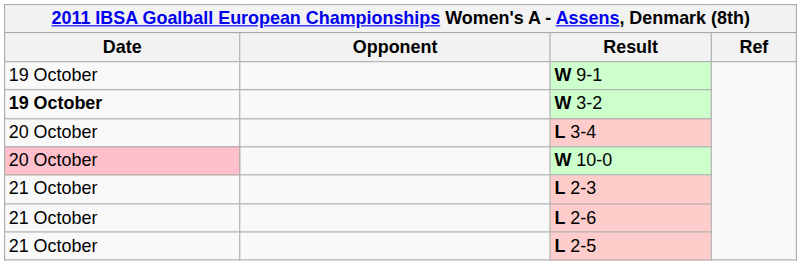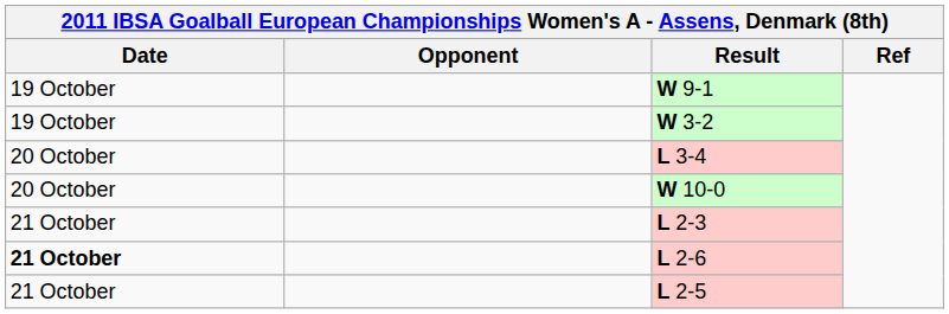 <table class="wikitable">
 <tr>
 <th width=700 colspan=4><a href='#'>2011 IBSA Goalball European Championships</a> Women's A - <a href='#'>Assens</a>, Denmark (8th)</th>
 </tr>
 <tr>
 <th width=150>Date</th>
 <th width=200>Opponent</th>
 <th width=100>Result</th>
 <th width=50>Ref</th>
 </tr>
 <tr>
 <td>19 October</td>
 <td></td>
 <td bgcolor=#cfc><strong>W</strong> 9-1</td>
 <td rowspan=7></td>
 </tr>
 <tr>
-<td><strong>19 October</strong></td>
+<td>19 October</td>
 <td></td>
 <td bgcolor=#cfc><strong>W</strong> 3-2</td>
 </tr>
 <tr>
 <td>20 October</td>
 <td></td>
 <td bgcolor=#fcc><strong>L</strong> 3-4</td>
 </tr>
 <tr>
-<td style="background: pink;">20 October</td>
+<td>20 October</td>
 <td></td>
 <td bgcolor=#cfc><strong>W</strong> 10-0</td>
 </tr>
 <tr>
 <td>21 October</td>
 <td></td>
 <td bgcolor=#fcc><strong>L</strong> 2-3</td>
 </tr>
 <tr>
-<td>21 October</td>
+<td><strong>21 October</strong></td>
 <td></td>
 <td bgcolor=#fcc><strong>L</strong> 2-6</td>
 </tr>
 <tr>
 <td>21 October</td>
 <td></td>
 <td bgcolor=#fcc><strong>L</strong> 2-5</td>
 </tr>
 </table>
